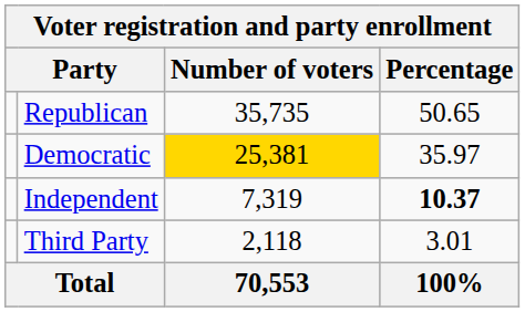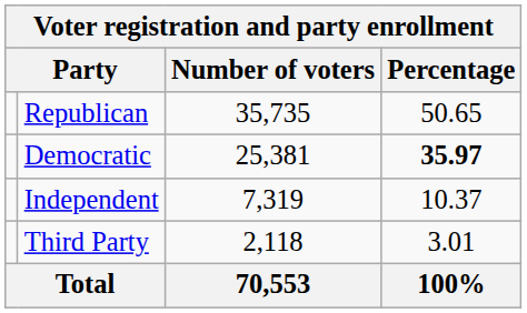 <table class="wikitable float">
 <tr>
 <th colspan = 6>Voter registration and party enrollment</th>
 </tr>
 <tr>
 <th colspan = 2>Party</th>
 <th>Number of voters</th>
 <th>Percentage</th>
 </tr>
 <tr>
 <td></td>
 <td><a href='#'>Republican</a></td>
 <td style="text-align:center;">35,735</td>
 <td style="text-align:center;">50.65</td>
 </tr>
 <tr>
 <td></td>
 <td><a href='#'>Democratic</a></td>
-<td style="background: gold; text-align:center;">25,381</td>
-<td style="text-align:center;">35.97</td>
+<td style="text-align:center;">25,381</td>
+<td style="text-align:center;"><strong>35.97</strong></td>
 </tr>
 <tr>
 <td></td>
 <td><a href='#'>Independent</a></td>
 <td style="text-align:center;">7,319</td>
-<td style="text-align:center;"><strong>10.37</strong></td>
+<td style="text-align:center;">10.37</td>
 </tr>
 <tr>
 <td></td>
 <td><a href='#'>Third Party</a></td>
 <td style="text-align:center;">2,118</td>
 <td style="text-align:center;">3.01</td>
 </tr>
 <tr>
 <th colspan="2">Total</th>
 <th style="text-align:center;">70,553</th>
 <th style="text-align:center;">100%</th>
 </tr>
 </table>
